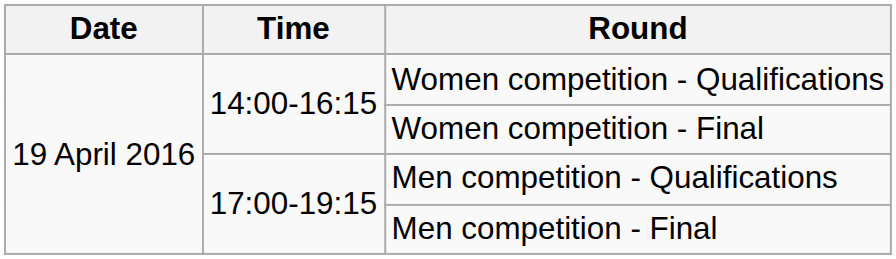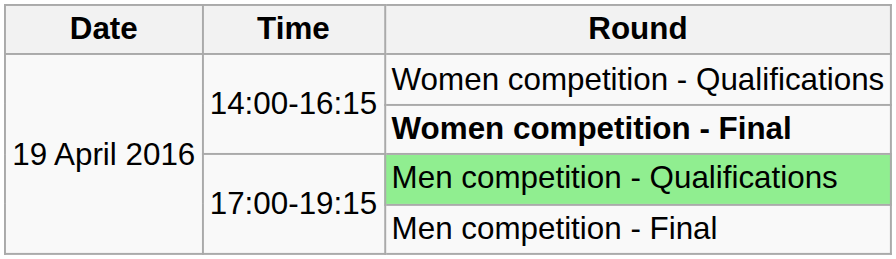 <table class="wikitable">
 <tr>
 <th>Date</th>
 <th>Time</th>
 <th>Round</th>
 </tr>
 <tr>
 <td rowspan=4>19 April 2016</td>
 <td rowspan=2>14:00-16:15</td>
 <td>Women competition - Qualifications</td>
 </tr>
 <tr>
-<td>Women competition - Final</td>
+<td><strong>Women competition - Final</strong></td>
 </tr>
 <tr>
 <td rowspan=2>17:00-19:15</td>
-<td>Men competition - Qualifications</td>
+<td style="background: lightgreen;">Men competition - Qualifications</td>
 </tr>
 <tr>
 <td>Men competition - Final</td>
 </tr>
 </table>
